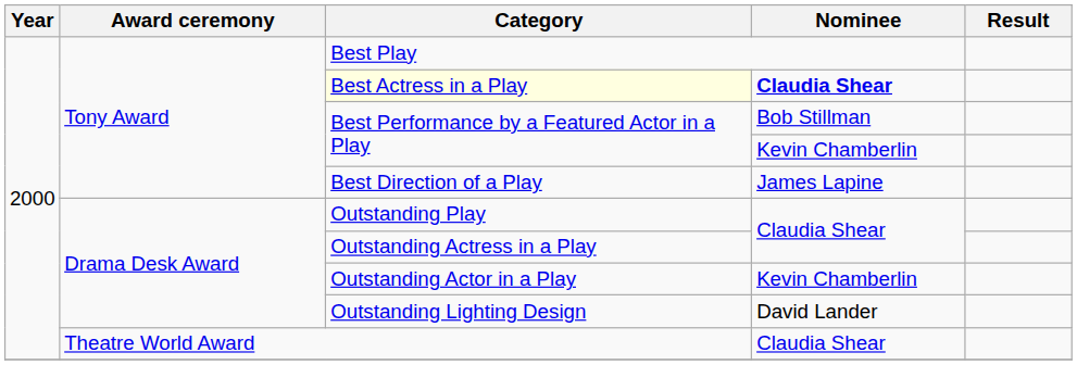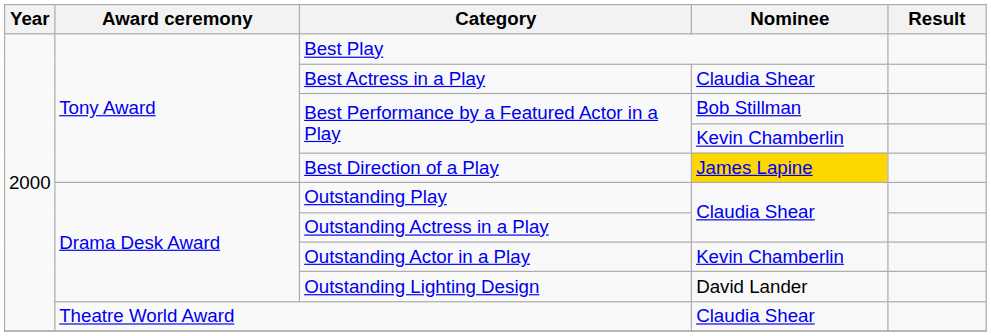 <table class="wikitable" width="95%">
 <tr>
 <th width="5%">Year</th>
 <th width="25%">Award ceremony</th>
 <th width="40%">Category</th>
 <th width="20%">Nominee</th>
 <th width="10%">Result</th>
 </tr>
 <tr>
 <td rowspan="10" align="center">2000</td>
 <td rowspan="5"><a href='#'>Tony Award</a></td>
 <td colspan="2"><a href='#'>Best Play</a></td>
 <td></td>
 </tr>
 <tr>
-<td style="background: lightyellow;"><a href='#'>Best Actress in a Play</a></td>
-<td><strong><a href='#'>Claudia Shear</a></strong></td>
+<td><a href='#'>Best Actress in a Play</a></td>
+<td><a href='#'>Claudia Shear</a></td>
 <td></td>
 </tr>
 <tr>
 <td rowspan="2"><a href='#'>Best Performance by a Featured Actor in a Play</a></td>
 <td><a href='#'>Bob Stillman</a></td>
 <td></td>
 </tr>
 <tr>
 <td><a href='#'>Kevin Chamberlin</a></td>
 <td></td>
 </tr>
 <tr>
 <td><a href='#'>Best Direction of a Play</a></td>
-<td><a href='#'>James Lapine</a></td>
+<td style="background: gold;"><a href='#'>James Lapine</a></td>
 <td></td>
 </tr>
 <tr>
 <td rowspan="4"><a href='#'>Drama Desk Award</a></td>
 <td><a href='#'>Outstanding Play</a></td>
 <td rowspan=2><a href='#'>Claudia Shear</a></td>
 <td></td>
 </tr>
 <tr>
 <td><a href='#'>Outstanding Actress in a Play</a></td>
 <td></td>
 </tr>
 <tr>
 <td><a href='#'>Outstanding Actor in a Play</a></td>
 <td><a href='#'>Kevin Chamberlin</a></td>
 <td></td>
 </tr>
 <tr>
 <td><a href='#'>Outstanding Lighting Design</a></td>
 <td>David Lander</td>
 <td></td>
 </tr>
 <tr>
 <td colspan=2><a href='#'>Theatre World Award</a></td>
 <td><a href='#'>Claudia Shear</a></td>
 <td></td>
 </tr>
 <tr>
 </tr>
 </table>
